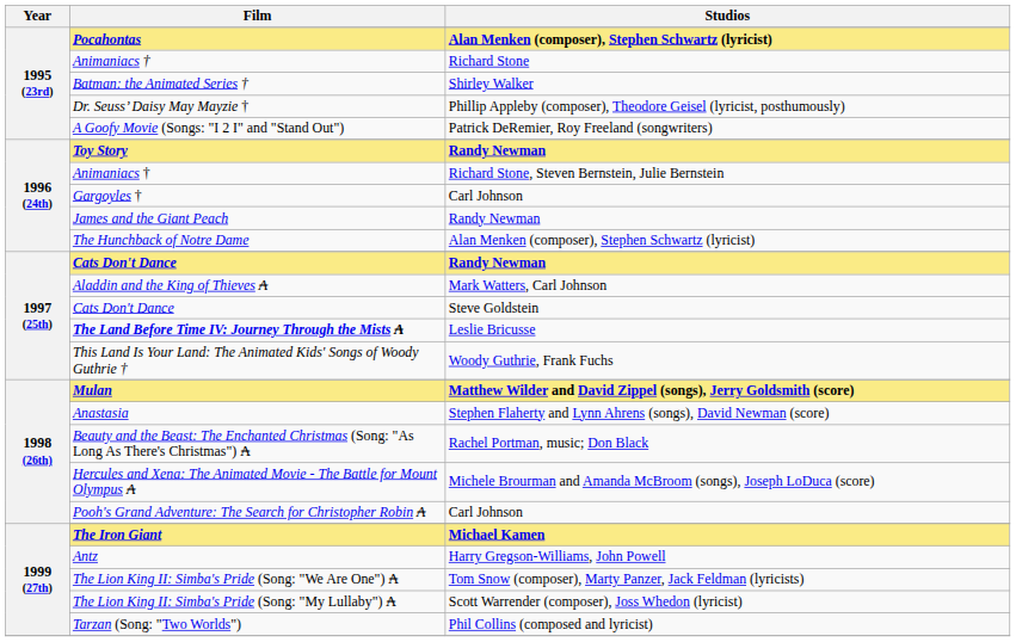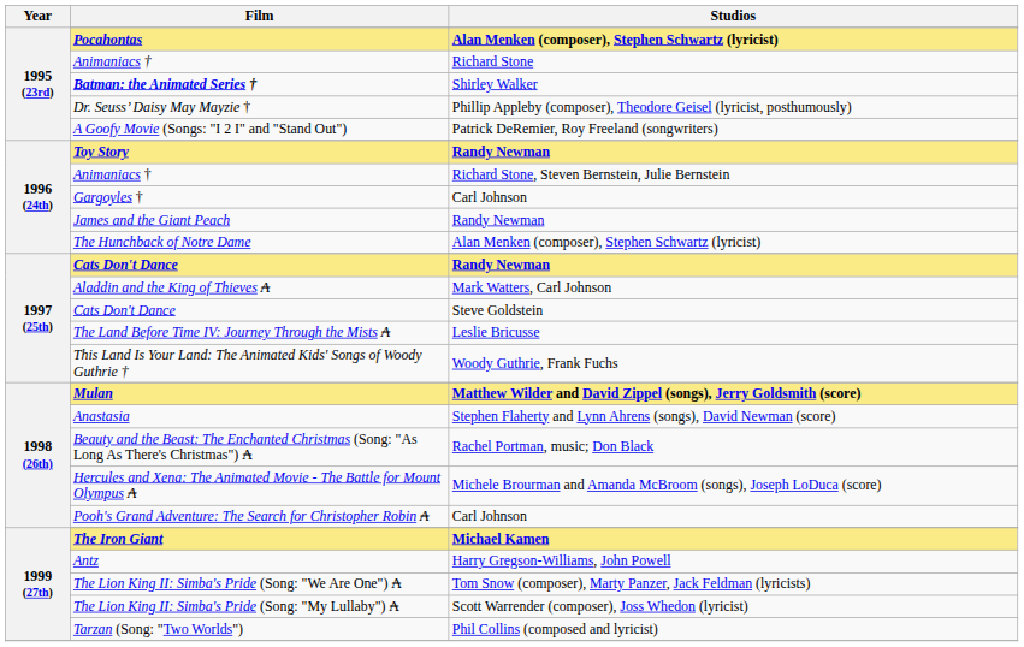 <table class="wikitable" style="width:90%;">
 <tr>
 <th style="width:3%;">Year</th>
 <th style="width:20%;">Film</th>
 <th style="width:30%;">Studios</th>
 </tr>
 <tr>
 <th rowspan="6" style="text-align:center;">1995 <br><small>(<a href='#'>23rd</a>)</small><br></th>
 </tr>
 <tr>
 <td style="background:#FAEB86;"><strong><em><a href='#'>Pocahontas</a></em></strong></td>
 <td style="background:#FAEB86;"><strong><a href='#'>Alan Menken</a> (composer), <a href='#'>Stephen Schwartz</a> (lyricist)</strong></td>
 </tr>
 <tr>
 <td><em><a href='#'>Animaniacs</a> †</em></td>
 <td><a href='#'>Richard Stone</a></td>
 </tr>
 <tr>
-<td><em><a href='#'>Batman: the Animated Series</a> †</em></td>
+<td><strong><em><a href='#'>Batman: the Animated Series</a> †</em></strong></td>
 <td><a href='#'>Shirley Walker</a></td>
 </tr>
 <tr>
 <td><em>Dr. Seuss’ Daisy May Mayzie</em> †</td>
 <td>Phillip Appleby (composer), <a href='#'>Theodore Geisel</a> (lyricist, posthumously)</td>
 </tr>
 <tr>
 <td><em><a href='#'>A Goofy Movie</a></em> (Songs: "I 2 I" and "Stand Out")</td>
 <td>Patrick DeRemier, Roy Freeland (songwriters)</td>
 </tr>
 <tr>
 <th rowspan="6" style="text-align:center;">1996 <br><small>(<a href='#'>24th</a>)</small><br></th>
 </tr>
 <tr>
 <td style="background:#FAEB86;"><strong><em><a href='#'>Toy Story</a></em></strong></td>
 <td style="background:#FAEB86;"><strong><a href='#'>Randy Newman</a></strong></td>
 </tr>
 <tr>
 <td><em><a href='#'>Animaniacs</a></em> †</td>
 <td><a href='#'>Richard Stone</a>, Steven Bernstein, Julie Bernstein</td>
 </tr>
 <tr>
 <td><em><a href='#'>Gargoyles</a></em> †</td>
 <td>Carl Johnson</td>
 </tr>
 <tr>
 <td><a href='#'><em>James and the Giant Peach</em></a></td>
 <td><a href='#'>Randy Newman</a></td>
 </tr>
 <tr>
 <td><em><a href='#'>The Hunchback of Notre Dame</a></em></td>
 <td><a href='#'>Alan Menken</a> (composer), <a href='#'>Stephen Schwartz</a> (lyricist)</td>
 </tr>
 <tr>
 <th rowspan="6" style="text-align:center;">1997 <br><small>(<a href='#'>25th</a>)</small><br></th>
 </tr>
 <tr>
 <td style="background:#FAEB86;"><strong><em><a href='#'>Cats Don't Dance</a></em></strong></td>
 <td style="background:#FAEB86;"><strong><a href='#'>Randy Newman</a></strong></td>
 </tr>
 <tr>
 <td><em><a href='#'>Aladdin and the King of Thieves</a> ₳</em></td>
 <td><a href='#'>Mark Watters</a>, Carl Johnson</td>
 </tr>
 <tr>
 <td><em><a href='#'>Cats Don't Dance</a></em></td>
 <td>Steve Goldstein</td>
 </tr>
 <tr>
-<td><strong><em><a href='#'>The Land Before Time IV: Journey Through the Mists</a> ₳</em></strong></td>
+<td><em><a href='#'>The Land Before Time IV: Journey Through the Mists</a> ₳</em></td>
 <td><a href='#'>Leslie Bricusse</a></td>
 </tr>
 <tr>
 <td><em>This Land Is Your Land: The Animated Kids' Songs of Woody Guthrie †</em></td>
 <td><a href='#'>Woody Guthrie</a>, Frank Fuchs</td>
 </tr>
 <tr>
 <th rowspan="6" style="text-align:center;">1998<br><small><a href='#'>(26th)</a></small><br></th>
 </tr>
 <tr>
 <td style="background:#FAEB86;"><strong><em><a href='#'>Mulan</a></em></strong></td>
 <td style="background:#FAEB86;"><strong><a href='#'>Matthew Wilder</a> and <a href='#'>David Zippel</a> (songs), <a href='#'>Jerry Goldsmith</a> (score)</strong></td>
 </tr>
 <tr>
 <td><em><a href='#'>Anastasia</a></em></td>
 <td><a href='#'>Stephen Flaherty</a> and <a href='#'>Lynn Ahrens</a> (songs), <a href='#'>David Newman</a> (score)</td>
 </tr>
 <tr>
 <td><em><a href='#'>Beauty and the Beast: The Enchanted Christmas</a></em> (Song: "As Long As There's Christmas") ₳</td>
 <td><a href='#'>Rachel Portman</a>, music; <a href='#'>Don Black</a></td>
 </tr>
 <tr>
 <td><em><a href='#'>Hercules and Xena: The Animated Movie - The Battle for Mount Olympus</a> ₳</em></td>
 <td><a href='#'>Michele Brourman</a> and <a href='#'>Amanda McBroom</a> (songs), <a href='#'>Joseph LoDuca</a> (score)</td>
 </tr>
 <tr>
 <td><em><a href='#'>Pooh's Grand Adventure: The Search for Christopher Robin</a> ₳</em></td>
 <td>Carl Johnson</td>
 </tr>
 <tr>
 <th rowspan="6" style="text-align:center;">1999 <br><small>(<a href='#'>27th</a>)</small><br></th>
 </tr>
 <tr>
 <td style="background:#FAEB86;"><strong><em><a href='#'>The Iron Giant</a></em></strong></td>
 <td style="background:#FAEB86;"><strong><a href='#'>Michael Kamen</a></strong></td>
 </tr>
 <tr>
 <td><em><a href='#'>Antz</a></em></td>
 <td><a href='#'>Harry Gregson-Williams</a>, <a href='#'>John Powell</a></td>
 </tr>
 <tr>
 <td><em><a href='#'>The Lion King II: Simba's Pride</a></em> (Song: "We Are One") ₳</td>
 <td><a href='#'>Tom Snow</a> (composer), <a href='#'>Marty Panzer</a>, <a href='#'>Jack Feldman</a> (lyricists)</td>
 </tr>
 <tr>
 <td><em><a href='#'>The Lion King II: Simba's Pride</a></em> (Song: "My Lullaby") ₳</td>
 <td>Scott Warrender (composer), <a href='#'>Joss Whedon</a> (lyricist)</td>
 </tr>
 <tr>
 <td><em><a href='#'>Tarzan</a></em> (Song: "<a href='#'>Two Worlds</a>")</td>
 <td><a href='#'>Phil Collins</a> (composed and lyricist)</td>
 </tr>
 <tr>
 </tr>
 </table>
